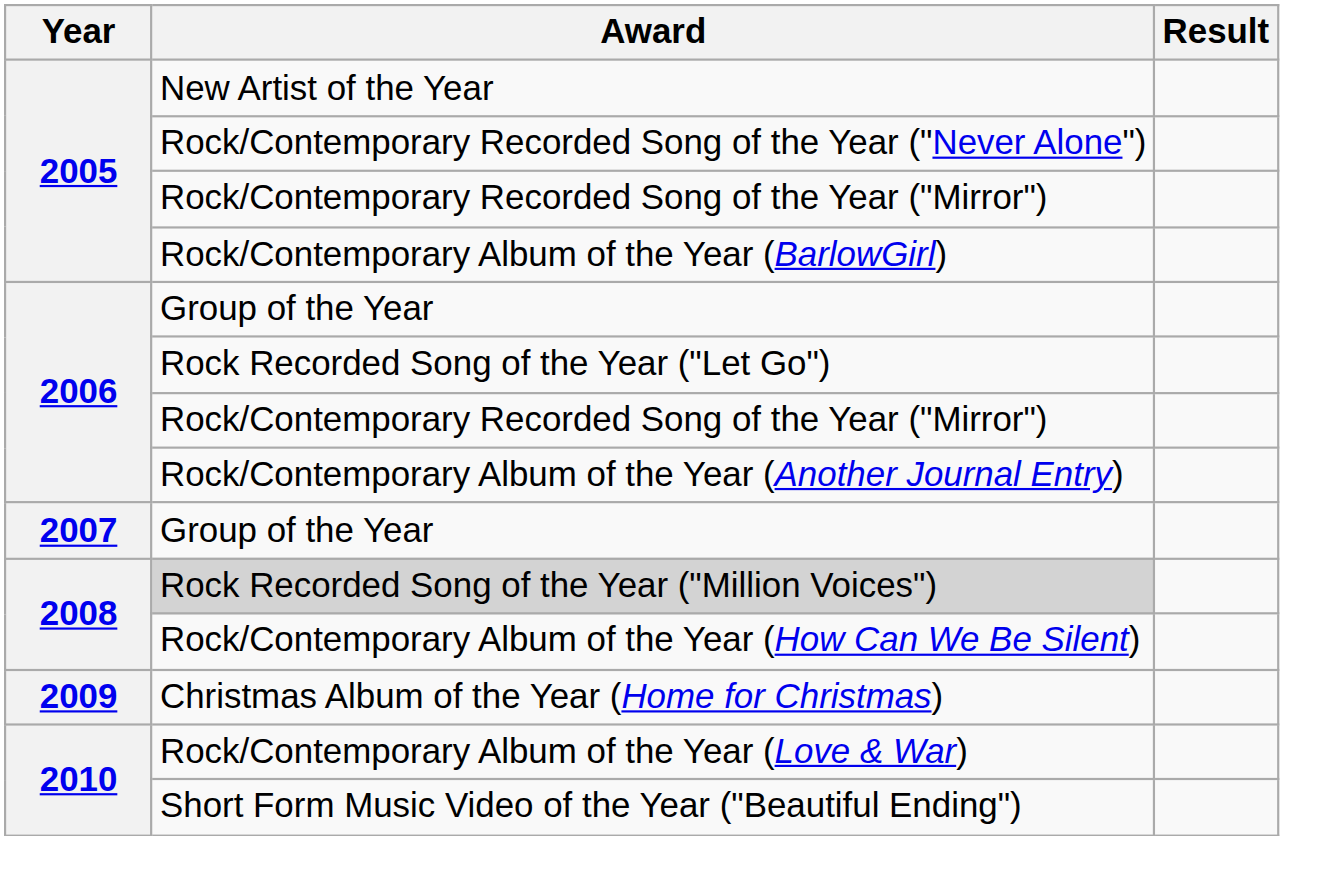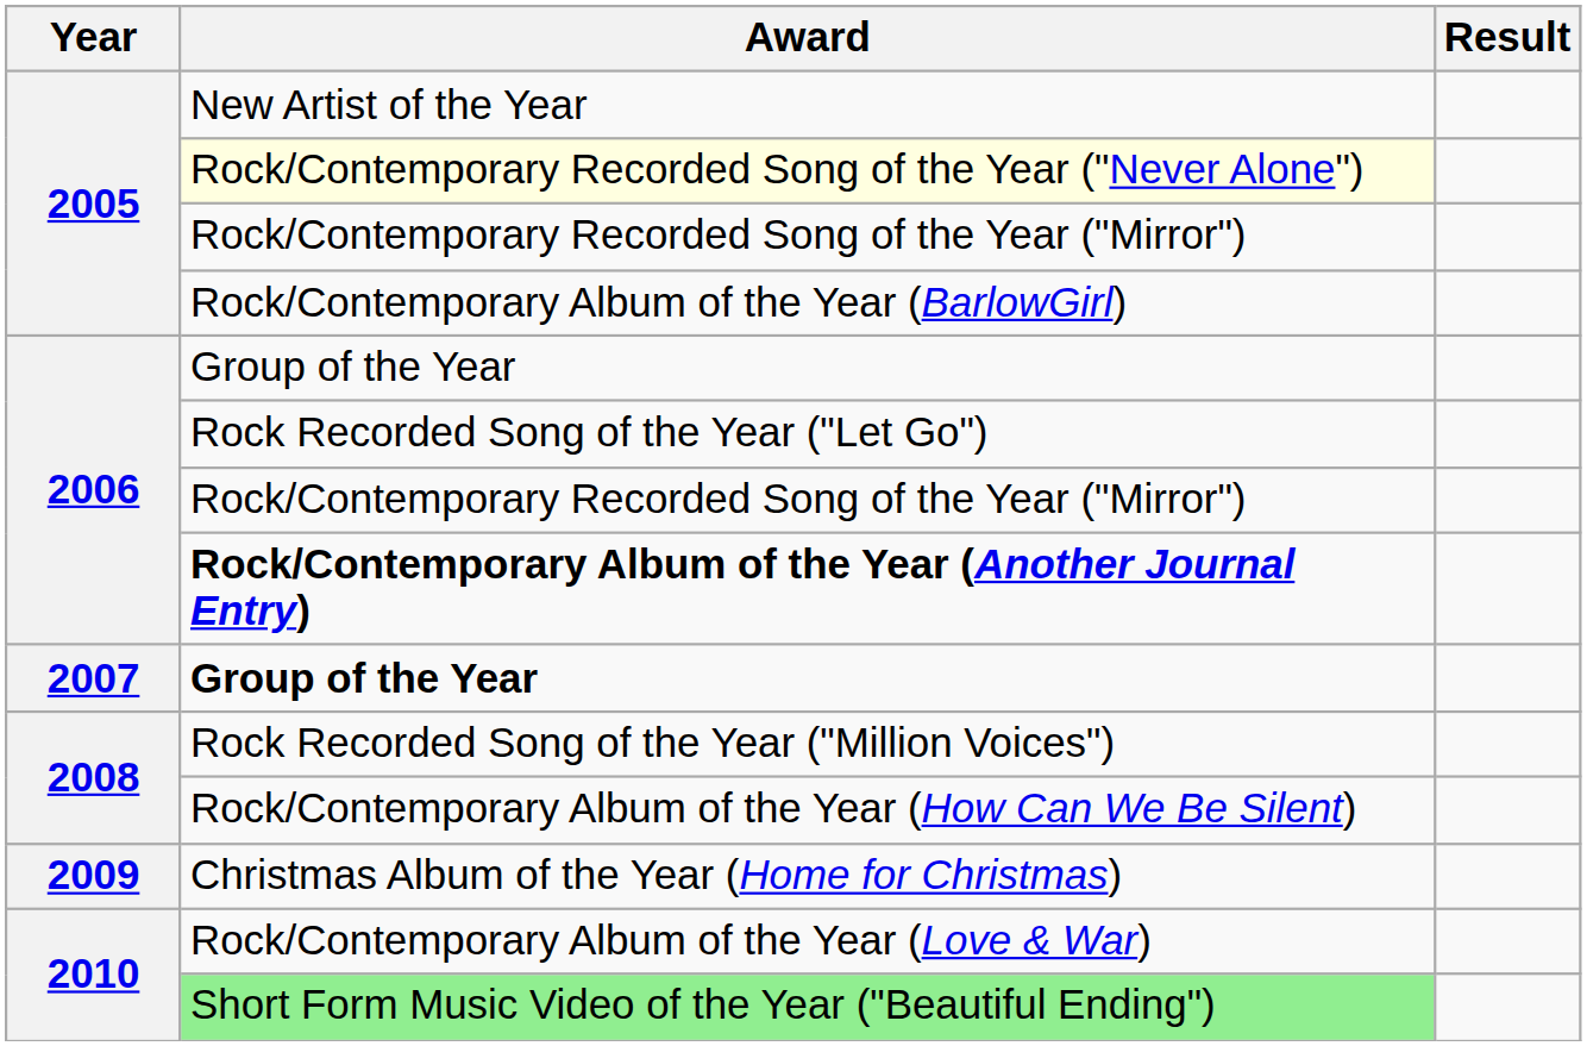 <table class="wikitable">
 <tr>
 <th style="width:60px;">Year</th>
 <th>Award</th>
 <th>Result</th>
 </tr>
 <tr>
 <th rowspan="4"><a href='#'>2005</a></th>
 <td>New Artist of the Year</td>
 <td></td>
 </tr>
 <tr>
-<td>Rock/Contemporary Recorded Song of the Year ("<a href='#'>Never Alone</a>")</td>
+<td style="background: lightyellow;">Rock/Contemporary Recorded Song of the Year ("<a href='#'>Never Alone</a>")</td>
 <td></td>
 </tr>
 <tr>
 <td>Rock/Contemporary Recorded Song of the Year ("Mirror")</td>
 <td></td>
 </tr>
 <tr>
 <td>Rock/Contemporary Album of the Year (<em><a href='#'>BarlowGirl</a></em>)</td>
 <td></td>
 </tr>
 <tr>
 <th rowspan="4"><a href='#'>2006</a></th>
 <td>Group of the Year</td>
 <td></td>
 </tr>
 <tr>
 <td>Rock Recorded Song of the Year ("Let Go")</td>
 <td></td>
 </tr>
 <tr>
 <td>Rock/Contemporary Recorded Song of the Year ("Mirror")</td>
 <td></td>
 </tr>
 <tr>
-<td>Rock/Contemporary Album of the Year (<em><a href='#'>Another Journal Entry</a></em>)</td>
+<td><strong>Rock/Contemporary Album of the Year (<em><a href='#'>Another Journal Entry</a></em>)</strong></td>
 <td></td>
 </tr>
 <tr>
 <th><a href='#'>2007</a></th>
-<td>Group of the Year</td>
+<td><strong>Group of the Year</strong></td>
 <td></td>
 </tr>
 <tr>
 <th rowspan="2"><a href='#'>2008</a></th>
-<td style="background: lightgrey;">Rock Recorded Song of the Year ("Million Voices")</td>
+<td>Rock Recorded Song of the Year ("Million Voices")</td>
 <td></td>
 </tr>
 <tr>
 <td>Rock/Contemporary Album of the Year (<em><a href='#'>How Can We Be Silent</a></em>)</td>
 <td></td>
 </tr>
 <tr>
 <th><a href='#'>2009</a></th>
 <td>Christmas Album of the Year (<em><a href='#'>Home for Christmas</a></em>)</td>
 <td></td>
 </tr>
 <tr>
 <th rowspan="2"><a href='#'>2010</a></th>
 <td>Rock/Contemporary Album of the Year (<em><a href='#'>Love & War</a></em>)</td>
 <td></td>
 </tr>
 <tr>
-<td>Short Form Music Video of the Year ("Beautiful Ending")</td>
+<td style="background: lightgreen;">Short Form Music Video of the Year ("Beautiful Ending")</td>
 <td></td>
 </tr>
 </table>
